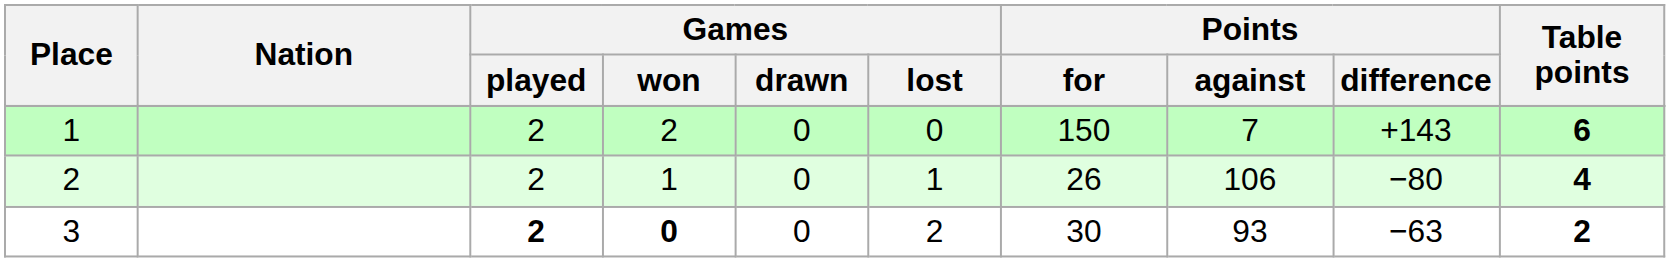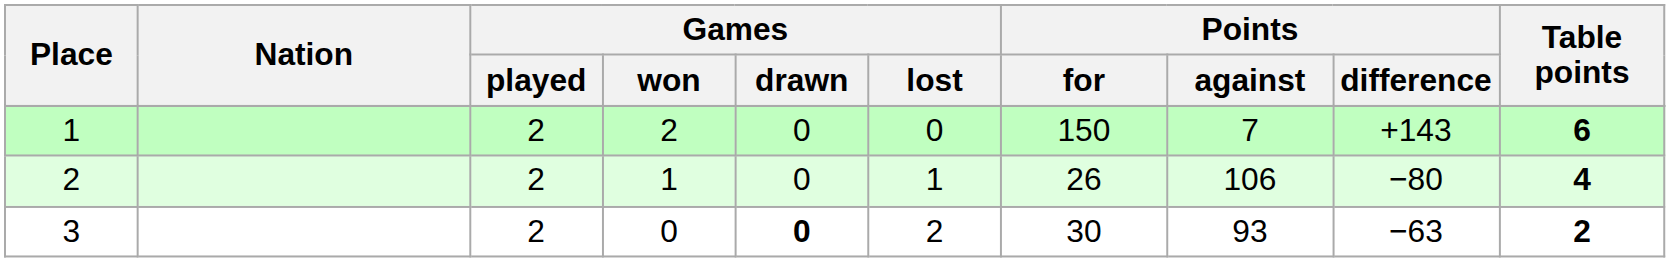 <table class="wikitable">
 <tr>
 <th rowspan=2 width="8%">Place</th>
 <th rowspan=2 width="20%">Nation</th>
 <th colspan=4 width="32%">Games</th>
 <th colspan=3 width="30%">Points</th>
 <th rowspan=2 width="10%">Table<br>points</th>
 </tr>
 <tr>
 <th width="8%">played</th>
 <th width="8%">won</th>
 <th width="8%">drawn</th>
 <th width="8%">lost</th>
 <th width="10%">for</th>
 <th width="10%">against</th>
 <th width="10%">difference</th>
 </tr>
 <tr>
 </tr>
 <tr bgcolor=#C0FFC0 align=center>
 <td>1</td>
 <td align=left></td>
 <td>2</td>
 <td>2</td>
 <td>0</td>
 <td>0</td>
 <td>150</td>
 <td>7</td>
 <td>+143</td>
 <td><strong>6</strong></td>
 </tr>
 <tr bgcolor=#E0FFE0 align=center>
 <td>2</td>
 <td align=left></td>
 <td>2</td>
 <td>1</td>
 <td>0</td>
 <td>1</td>
 <td>26</td>
 <td>106</td>
 <td>−80</td>
 <td><strong>4</strong></td>
 </tr>
 <tr bgcolor=#ffffff align=center>
 <td>3</td>
 <td align=left></td>
-<td><strong>2</strong></td>
+<td>2</td>
+<td>0</td>
 <td><strong>0</strong></td>
-<td>0</td>
 <td>2</td>
 <td>30</td>
 <td>93</td>
 <td>−63</td>
 <td><strong>2</strong></td>
 </tr>
 </table>
